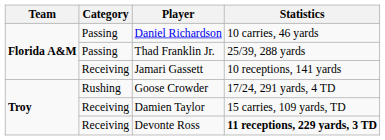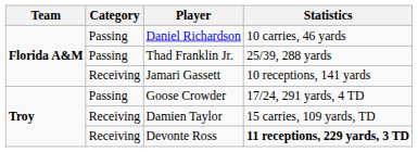 <table class="wikitable" style="float: right;">
 <tr>
 <th>Team</th>
 <th>Category</th>
 <th>Player</th>
 <th>Statistics</th>
 </tr>
 <tr>
 <td rowspan=3><strong>Florida A&M</strong></td>
 <td>Passing</td>
 <td><a href='#'>Daniel Richardson</a></td>
 <td>10 carries, 46 yards</td>
 </tr>
 <tr>
 <td>Passing</td>
 <td>Thad Franklin Jr.</td>
 <td>25/39, 288 yards</td>
 </tr>
 <tr>
 <td>Receiving</td>
 <td>Jamari Gassett</td>
 <td>10 receptions, 141 yards</td>
 </tr>
 <tr>
 <td rowspan=3><strong>Troy</strong></td>
-<td>Rushing</td>
+<td>Passing</td>
 <td>Goose Crowder</td>
 <td>17/24, 291 yards, 4 TD</td>
 </tr>
 <tr>
 <td>Receiving</td>
 <td>Damien Taylor</td>
 <td>15 carries, 109 yards, TD</td>
 </tr>
 <tr>
 <td>Receiving</td>
 <td>Devonte Ross</td>
 <td><strong>11 receptions, 229 yards, 3 TD</strong></td>
 </tr>
 </table>
